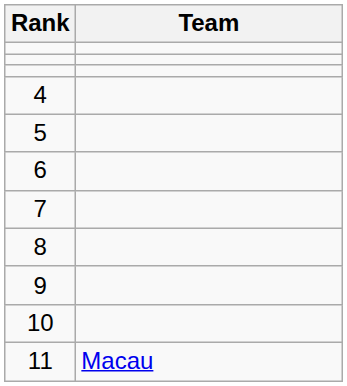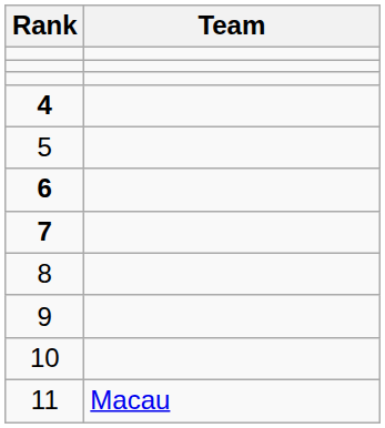 <table class="wikitable" style="text-align: center;">
 <tr>
 <th width=40>Rank</th>
 <th width=170>Team</th>
 </tr>
 <tr>
 <td></td>
 <td align="left"></td>
 </tr>
 <tr>
 <td></td>
 <td align="left"></td>
 </tr>
 <tr>
 <td></td>
 <td align="left"></td>
 </tr>
 <tr>
-<td>4</td>
+<td><strong>4</strong></td>
 <td align="left"></td>
 </tr>
 <tr>
 <td>5</td>
 <td align="left"></td>
 </tr>
 <tr>
-<td>6</td>
+<td><strong>6</strong></td>
 <td align="left"></td>
 </tr>
 <tr>
-<td>7</td>
+<td><strong>7</strong></td>
 <td align="left"></td>
 </tr>
 <tr>
 <td>8</td>
 <td align="left"></td>
 </tr>
 <tr>
 <td>9</td>
 <td align="left"></td>
 </tr>
 <tr>
 <td>10</td>
 <td align="left"></td>
 </tr>
 <tr>
 <td>11</td>
 <td align="left"> <a href='#'>Macau</a></td>
 </tr>
 </table>
